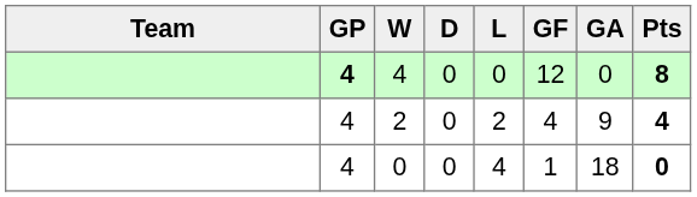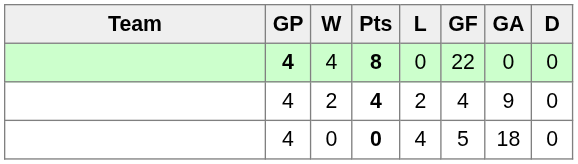 <table style=border-collapse:collapse border=1 cellspacing=0 cellpadding=5>
 <tr align=center bgcolor=#efefef>
 <th width=185>Team</th>
 <th width=20>GP</th>
 <th width=20>W</th>
-<th width=20>D</th>
+<th width=20>Pts</th>
 <th width=20>L</th>
 <th width=20>GF</th>
 <th width=20>GA</th>
-<th width=20>Pts</th>
+<th width=20>D</th>
 </tr>
 <tr bgcolor=#ccffcc align=center>
 <td style="text-align:left;"></td>
 <td><strong>4</strong></td>
 <td>4</td>
+<td><strong>8</strong></td>
+<td>0</td>
+<td>22</td>
 <td>0</td>
 <td>0</td>
-<td>12</td>
-<td>0</td>
-<td><strong>8</strong></td>
 </tr>
 <tr align=center>
 <td style="text-align:left;"></td>
 <td>4</td>
 <td>2</td>
-<td>0</td>
+<td><strong>4</strong></td>
 <td>2</td>
 <td>4</td>
 <td>9</td>
-<td><strong>4</strong></td>
+<td>0</td>
 </tr>
 <tr align=center>
 <td style="text-align:left;"></td>
 <td>4</td>
 <td>0</td>
+<td><strong>0</strong></td>
+<td>4</td>
+<td>5</td>
+<td>18</td>
 <td>0</td>
-<td>4</td>
-<td>1</td>
-<td>18</td>
-<td><strong>0</strong></td>
 </tr>
 </table>
